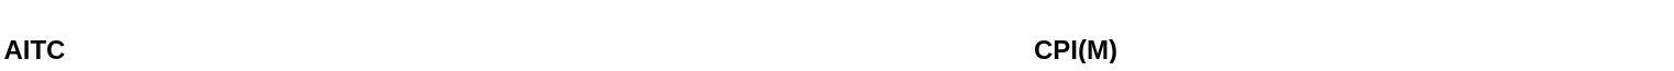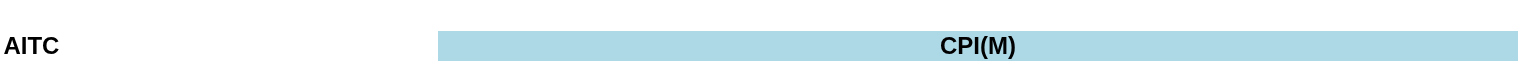 <table style="width:100%; text-align:center;">
 <tr style="color:white;">
 <td style="background:"><strong>31</strong></td>
 <td style="background:"><strong>2</strong></td>
 </tr>
 <tr>
 <td><span><strong>AITC</strong></span></td>
-<td><span><strong>CPI(M)</strong></span></td>
+<td style="background: lightblue;"><span><strong>CPI(M)</strong></span></td>
 </tr>
 </table>
